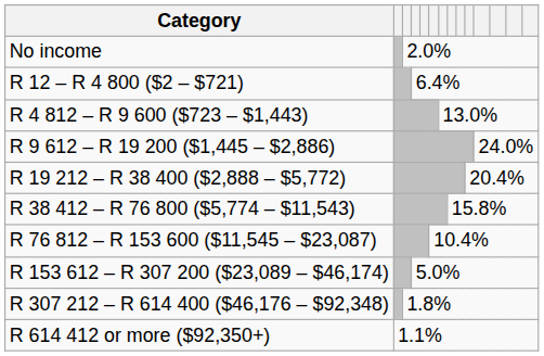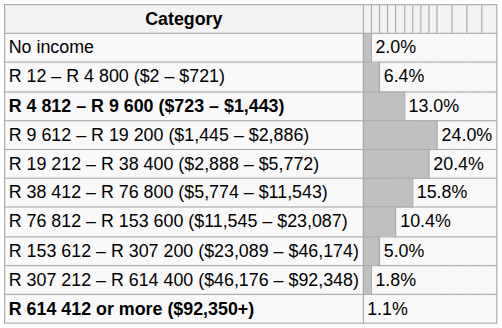 <table class="wikitable" style="font-size:97%;">
 <tr>
 <th>Category</th>
 <th></th>
 <th></th>
 <th></th>
 <th></th>
 <th></th>
 <th></th>
 <th></th>
 <th></th>
 <th></th>
 <th></th>
 <th></th>
 <th></th>
 <th></th>
 </tr>
 <tr>
 <td>No income</td>
 <td style="background:Silver;"></td>
 <td colspan=13>2.0%</td>
 </tr>
 <tr>
 <td>R 12 – R 4 800 ($2 – $721)</td>
 <td style="background:Silver;" colspan="2"></td>
 <td colspan=13>6.4%</td>
 </tr>
 <tr>
-<td>R 4 812 – R 9 600 ($723 – $1,443)</td>
+<td><strong>R 4 812 – R 9 600 ($723 – $1,443)</strong></td>
 <td style="background:Silver;" colspan="5"></td>
 <td colspan=13>13.0%</td>
 </tr>
 <tr>
 <td>R 9 612 – R 19 200 ($1,445 – $2,886)</td>
 <td style="background:Silver;" colspan="9.6"></td>
 <td colspan=5>24.0%</td>
 </tr>
 <tr>
 <td>R 19 212 – R 38 400 ($2,888 – $5,772)</td>
 <td style="background:Silver;" colspan="8"></td>
 <td colspan=11>20.4%</td>
 </tr>
 <tr>
 <td>R 38 412 – R 76 800 ($5,774 – $11,543)</td>
 <td style="background:Silver;" colspan="6.3"></td>
 <td colspan=9>15.8%</td>
 </tr>
 <tr>
 <td>R 76 812 – R 153 600 ($11,545 – $23,087)</td>
 <td style="background:Silver;" colspan="4.2"></td>
 <td colspan=9>10.4%</td>
 </tr>
 <tr>
 <td>R 153 612 – R 307 200 ($23,089 – $46,174)</td>
 <td style="background:Silver;" colspan="2"></td>
 <td colspan=12>5.0%</td>
 </tr>
 <tr>
 <td>R 307 212 – R 614 400 ($46,176 – $92,348)</td>
 <td style="background:Silver;"></td>
 <td colspan=12>1.8%</td>
 </tr>
 <tr>
-<td>R 614 412 or more ($92,350+)</td>
+<td><strong>R 614 412 or more ($92,350+)</strong></td>
 <td colspan=13>1.1%</td>
 </tr>
 </table>
